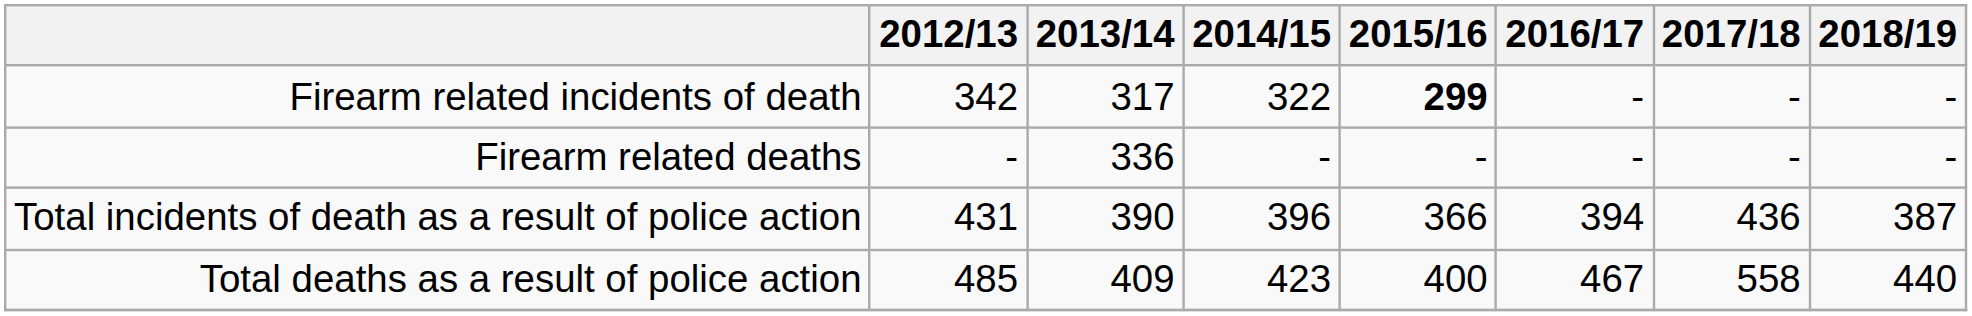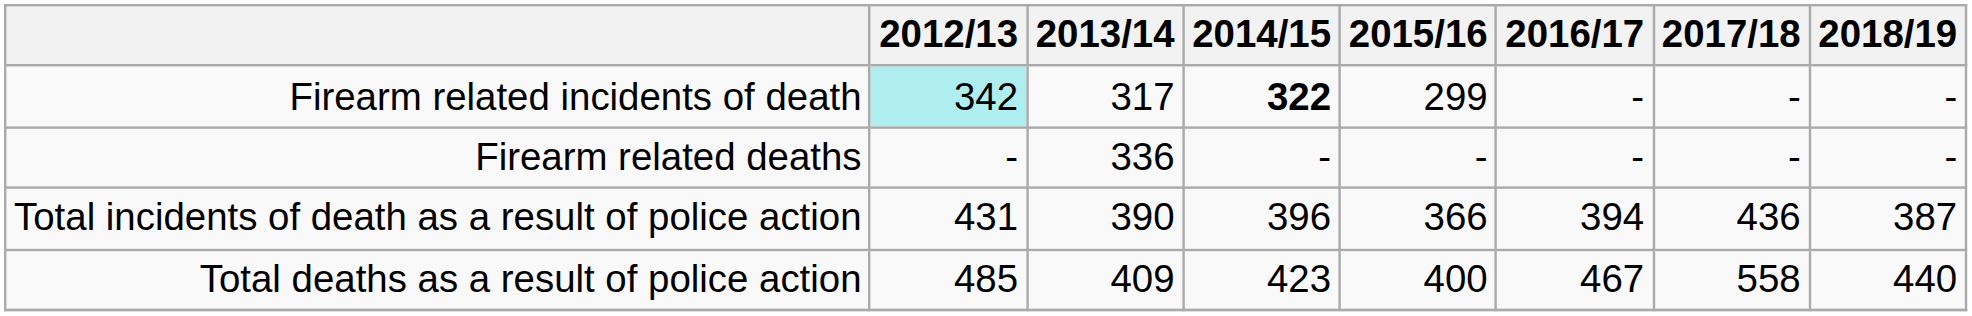 <table class="wikitable" style="text-align: right">
 <tr style="background:#ececec;">
 <th></th>
 <th>2012/13</th>
 <th>2013/14</th>
 <th>2014/15</th>
 <th>2015/16</th>
 <th>2016/17</th>
 <th>2017/18</th>
 <th>2018/19</th>
 </tr>
 <tr>
 <td>Firearm related incidents of death</td>
-<td>342</td>
+<td style="background: paleturquoise;">342</td>
 <td>317</td>
-<td>322</td>
-<td><strong>299</strong></td>
+<td><strong>322</strong></td>
+<td>299</td>
 <td>-</td>
 <td>-</td>
 <td>-</td>
 </tr>
 <tr>
 <td>Firearm related deaths</td>
 <td>-</td>
 <td>336</td>
 <td>-</td>
 <td>-</td>
 <td>-</td>
 <td>-</td>
 <td>-</td>
 </tr>
 <tr>
 <td>Total incidents of death as a result of police action</td>
 <td>431</td>
 <td>390</td>
 <td>396</td>
 <td>366</td>
 <td>394</td>
 <td>436</td>
 <td>387</td>
 </tr>
 <tr>
 <td>Total deaths as a result of police action</td>
 <td>485</td>
 <td>409</td>
 <td>423</td>
 <td>400</td>
 <td>467</td>
 <td>558</td>
 <td>440</td>
 </tr>
 <tr>
 </tr>
 </table>
